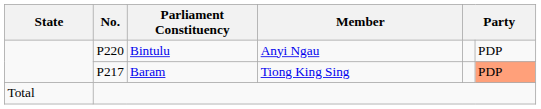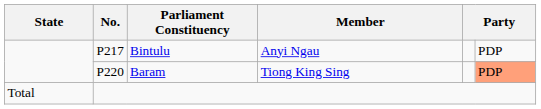 <table class ="wikitable sortable">
 <tr>
 <th style="width:100px;">State</th>
 <th style="width:30px;">No.</th>
 <th style="width:150px;">Parliament Constituency</th>
 <th style="width:240px;">Member</th>
 <th style="width:80px;" colspan=2>Party</th>
 </tr>
 <tr>
 <td rowspan=2></td>
-<td>P220</td>
+<td>P217</td>
 <td><a href='#'>Bintulu</a></td>
 <td><a href='#'>Anyi Ngau</a></td>
 <td></td>
 <td>PDP</td>
 </tr>
 <tr>
-<td>P217</td>
+<td>P220</td>
 <td><a href='#'>Baram</a></td>
 <td><a href='#'>Tiong King Sing</a></td>
 <td></td>
 <td style="background: lightsalmon;">PDP</td>
 </tr>
 <tr>
 <td>Total</td>
 <td style="width:30px;" colspan=6></td>
 </tr>
 </table>
